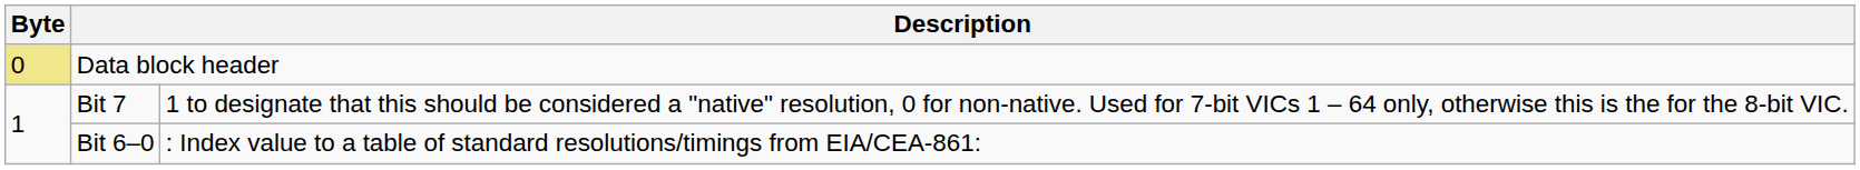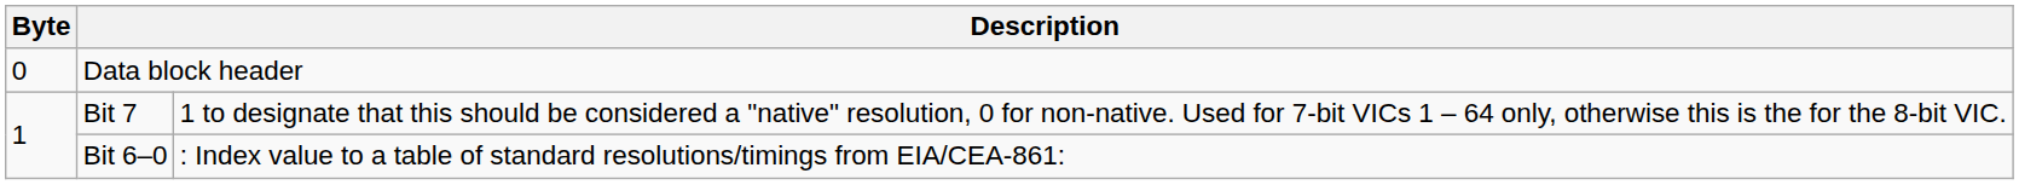 <table class="wikitable">
 <tr>
 <th>Byte</th>
 <th colspan=2>Description</th>
 </tr>
 <tr>
-<td style="background: khaki;">0</td>
+<td>0</td>
 <td colspan=2>Data block header</td>
 </tr>
 <tr>
 <td rowspan=2>1</td>
 <td>Bit 7</td>
 <td>1 to designate that this should be considered a "native" resolution, 0 for non-native. Used for 7-bit VICs 1 – 64 only, otherwise this is the  for the 8-bit VIC.</td>
 </tr>
 <tr>
 <td>Bit 6–0</td>
 <td>: Index value to a table of standard resolutions/timings from EIA/CEA-861:</td>
 </tr>
 </table>
